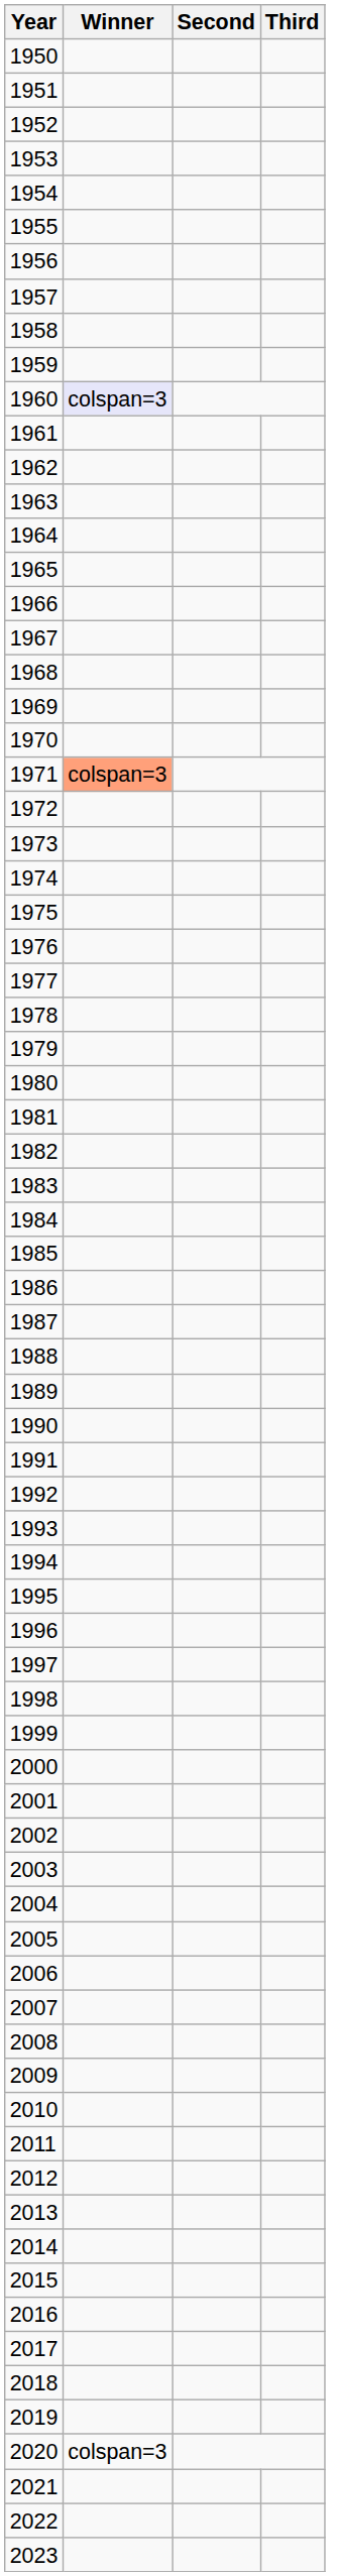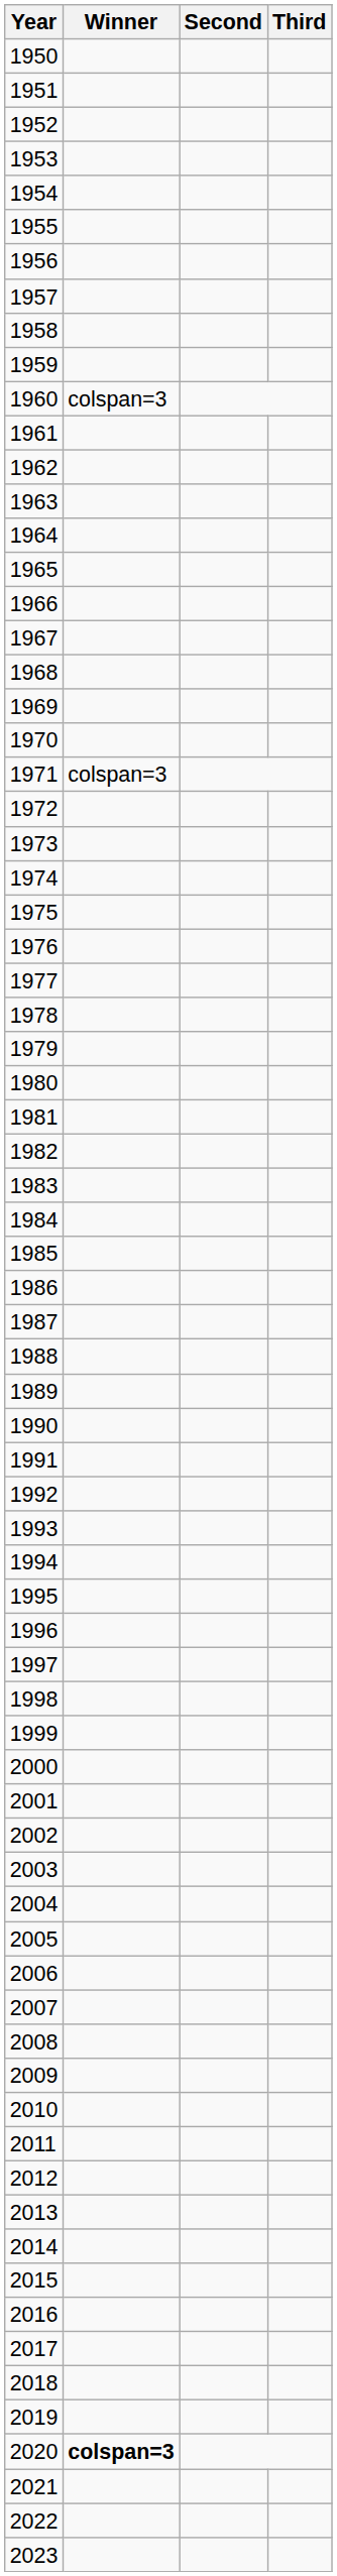 <table class="wikitable sortable" style="font-size:95%">
 <tr>
 <th>Year</th>
 <th>Winner</th>
 <th>Second</th>
 <th>Third</th>
 </tr>
 <tr>
 <td>1950</td>
 <td></td>
 <td></td>
 <td></td>
 </tr>
 <tr>
 <td>1951</td>
 <td></td>
 <td></td>
 <td></td>
 </tr>
 <tr>
 <td>1952</td>
 <td></td>
 <td></td>
 <td></td>
 </tr>
 <tr>
 <td>1953</td>
 <td></td>
 <td></td>
 <td></td>
 </tr>
 <tr>
 <td>1954</td>
 <td></td>
 <td></td>
 <td></td>
 </tr>
 <tr>
 <td>1955</td>
 <td></td>
 <td></td>
 <td></td>
 </tr>
 <tr>
 <td>1956</td>
 <td></td>
 <td></td>
 <td></td>
 </tr>
 <tr>
 <td>1957</td>
 <td></td>
 <td></td>
 <td></td>
 </tr>
 <tr>
 <td>1958</td>
 <td></td>
 <td></td>
 <td></td>
 </tr>
 <tr>
 <td>1959</td>
 <td></td>
 <td></td>
 <td></td>
 </tr>
 <tr>
 <td>1960</td>
-<td style="background: lavender;">colspan=3 </td>
+<td>colspan=3 </td>
 </tr>
 <tr>
 <td>1961</td>
 <td></td>
 <td></td>
 <td></td>
 </tr>
 <tr>
 <td>1962</td>
 <td></td>
 <td></td>
 <td></td>
 </tr>
 <tr>
 <td>1963</td>
 <td></td>
 <td></td>
 <td></td>
 </tr>
 <tr>
 <td>1964</td>
 <td></td>
 <td></td>
 <td></td>
 </tr>
 <tr>
 <td>1965</td>
 <td></td>
 <td></td>
 <td></td>
 </tr>
 <tr>
 <td>1966</td>
 <td></td>
 <td></td>
 <td></td>
 </tr>
 <tr>
 <td>1967</td>
 <td></td>
 <td></td>
 <td></td>
 </tr>
 <tr>
 <td>1968</td>
 <td></td>
 <td></td>
 <td></td>
 </tr>
 <tr>
 <td>1969</td>
 <td></td>
 <td></td>
 <td></td>
 </tr>
 <tr>
 <td>1970</td>
 <td></td>
 <td></td>
 <td></td>
 </tr>
 <tr>
 <td>1971</td>
-<td style="background: lightsalmon;">colspan=3 </td>
+<td>colspan=3 </td>
 </tr>
 <tr>
 <td>1972</td>
 <td></td>
 <td></td>
 <td></td>
 </tr>
 <tr>
 <td>1973</td>
 <td></td>
 <td></td>
 <td></td>
 </tr>
 <tr>
 <td>1974</td>
 <td></td>
 <td></td>
 <td></td>
 </tr>
 <tr>
 <td>1975</td>
 <td></td>
 <td></td>
 <td></td>
 </tr>
 <tr>
 <td>1976</td>
 <td></td>
 <td></td>
 <td></td>
 </tr>
 <tr>
 <td>1977</td>
 <td></td>
 <td></td>
 <td></td>
 </tr>
 <tr>
 <td>1978</td>
 <td></td>
 <td></td>
 <td></td>
 </tr>
 <tr>
 <td>1979</td>
 <td></td>
 <td></td>
 <td></td>
 </tr>
 <tr>
 <td>1980</td>
 <td></td>
 <td></td>
 <td></td>
 </tr>
 <tr>
 <td>1981</td>
 <td></td>
 <td></td>
 <td></td>
 </tr>
 <tr>
 <td>1982</td>
 <td></td>
 <td></td>
 <td></td>
 </tr>
 <tr>
 <td>1983</td>
 <td></td>
 <td></td>
 <td></td>
 </tr>
 <tr>
 <td>1984</td>
 <td></td>
 <td></td>
 <td></td>
 </tr>
 <tr>
 <td>1985</td>
 <td></td>
 <td></td>
 <td></td>
 </tr>
 <tr>
 <td>1986</td>
 <td></td>
 <td></td>
 <td></td>
 </tr>
 <tr>
 <td>1987</td>
 <td></td>
 <td></td>
 <td></td>
 </tr>
 <tr>
 <td>1988</td>
 <td></td>
 <td></td>
 <td></td>
 </tr>
 <tr>
 <td>1989</td>
 <td></td>
 <td></td>
 <td></td>
 </tr>
 <tr>
 <td>1990</td>
 <td></td>
 <td></td>
 <td></td>
 </tr>
 <tr>
 <td>1991</td>
 <td></td>
 <td></td>
 <td></td>
 </tr>
 <tr>
 <td>1992</td>
 <td></td>
 <td></td>
 <td></td>
 </tr>
 <tr>
 <td>1993</td>
 <td></td>
 <td></td>
 <td></td>
 </tr>
 <tr>
 <td>1994</td>
 <td></td>
 <td></td>
 <td></td>
 </tr>
 <tr>
 <td>1995</td>
 <td></td>
 <td></td>
 <td></td>
 </tr>
 <tr>
 <td>1996</td>
 <td></td>
 <td></td>
 <td></td>
 </tr>
 <tr>
 <td>1997</td>
 <td></td>
 <td></td>
 <td></td>
 </tr>
 <tr>
 <td>1998</td>
 <td></td>
 <td></td>
 <td></td>
 </tr>
 <tr>
 <td>1999</td>
 <td></td>
 <td></td>
 <td></td>
 </tr>
 <tr>
 <td>2000</td>
 <td></td>
 <td></td>
 <td></td>
 </tr>
 <tr>
 <td>2001</td>
 <td></td>
 <td></td>
 <td></td>
 </tr>
 <tr>
 <td>2002</td>
 <td></td>
 <td></td>
 <td></td>
 </tr>
 <tr>
 <td>2003</td>
 <td></td>
 <td></td>
 <td></td>
 </tr>
 <tr>
 <td>2004</td>
 <td></td>
 <td></td>
 <td></td>
 </tr>
 <tr>
 <td>2005</td>
 <td></td>
 <td></td>
 <td></td>
 </tr>
 <tr>
 <td>2006</td>
 <td></td>
 <td></td>
 <td></td>
 </tr>
 <tr>
 <td>2007</td>
 <td></td>
 <td></td>
 <td></td>
 </tr>
 <tr>
 <td>2008</td>
 <td></td>
 <td></td>
 <td></td>
 </tr>
 <tr>
 <td>2009</td>
 <td></td>
 <td></td>
 <td></td>
 </tr>
 <tr>
 <td>2010</td>
 <td></td>
 <td></td>
 <td></td>
 </tr>
 <tr>
 <td>2011</td>
 <td></td>
 <td></td>
 <td></td>
 </tr>
 <tr>
 <td>2012</td>
 <td></td>
 <td></td>
 <td></td>
 </tr>
 <tr>
 <td>2013</td>
 <td></td>
 <td></td>
 <td></td>
 </tr>
 <tr>
 <td>2014</td>
 <td></td>
 <td></td>
 <td></td>
 </tr>
 <tr>
 <td>2015</td>
 <td></td>
 <td></td>
 <td></td>
 </tr>
 <tr>
 <td>2016</td>
 <td></td>
 <td></td>
 <td></td>
 </tr>
 <tr>
 <td>2017</td>
 <td></td>
 <td></td>
 <td></td>
 </tr>
 <tr>
 <td>2018</td>
 <td></td>
 <td></td>
 <td></td>
 </tr>
 <tr>
 <td>2019</td>
 <td></td>
 <td></td>
 <td></td>
 </tr>
 <tr>
 <td>2020</td>
-<td>colspan=3 </td>
+<td><strong>colspan=3 </strong></td>
 </tr>
 <tr>
 <td>2021</td>
 <td></td>
 <td></td>
 <td></td>
 </tr>
 <tr>
 <td>2022</td>
 <td></td>
 <td></td>
 <td></td>
 </tr>
 <tr>
 <td>2023</td>
 <td></td>
 <td></td>
 <td></td>
 </tr>
 </table>
